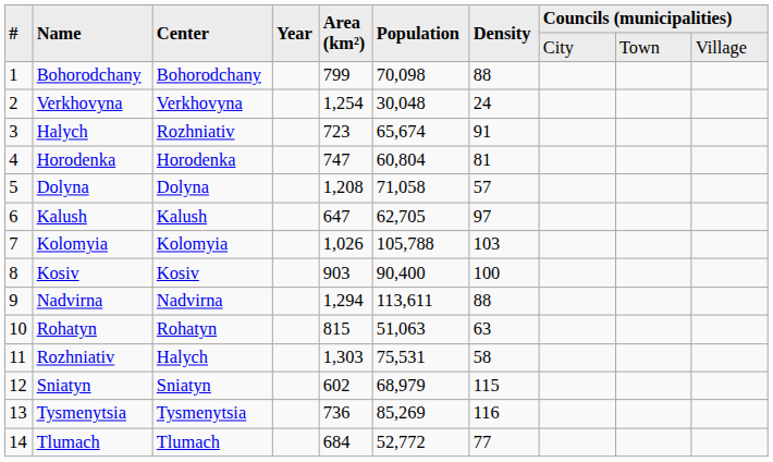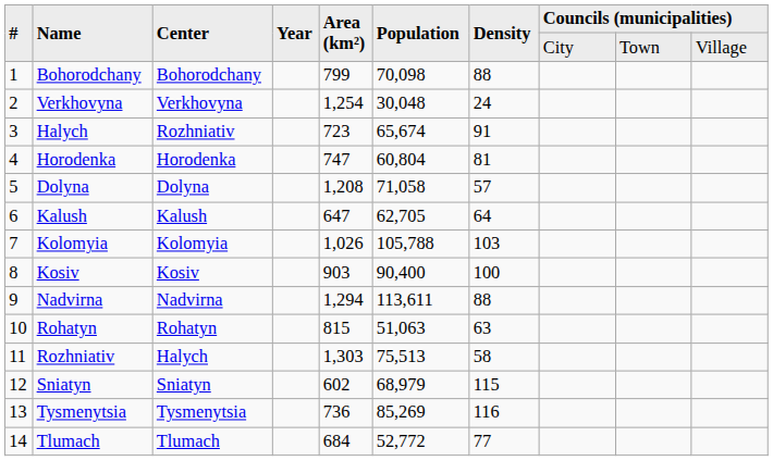 <table class="wikitable">
 <tr bgcolor="#ECECEC">
 <td rowspan=2><strong>#</strong></td>
 <td rowspan=2><strong>Name</strong></td>
 <td rowspan=2><strong>Center</strong></td>
 <td rowspan=2><strong>Year</strong></td>
 <td rowspan=2><strong>Area<br>(km²)</strong></td>
 <td rowspan=2><strong>Population</strong></td>
 <td rowspan=2><strong>Density</strong></td>
 <td colspan=3><strong>Councils (municipalities)</strong></td>
 </tr>
 <tr bgcolor="#ECECEC">
 <td width=10%>City</td>
 <td width=10%>Town</td>
 <td width=10%>Village</td>
 </tr>
 <tr>
 <td>1</td>
 <td><a href='#'>Bohorodchany</a></td>
 <td><a href='#'>Bohorodchany</a></td>
 <td></td>
 <td>799</td>
 <td>70,098</td>
 <td>88</td>
 <td></td>
 <td></td>
 <td></td>
 </tr>
 <tr>
 <td>2</td>
 <td><a href='#'>Verkhovyna</a></td>
 <td><a href='#'>Verkhovyna</a></td>
 <td></td>
 <td>1,254</td>
 <td>30,048</td>
 <td>24</td>
 <td></td>
 <td></td>
 <td></td>
 </tr>
 <tr>
 <td>3</td>
 <td><a href='#'>Halych</a></td>
 <td><a href='#'>Rozhniativ</a></td>
 <td></td>
 <td>723</td>
 <td>65,674</td>
 <td>91</td>
 <td></td>
 <td></td>
 <td></td>
 </tr>
 <tr>
 <td>4</td>
 <td><a href='#'>Horodenka</a></td>
 <td><a href='#'>Horodenka</a></td>
 <td></td>
 <td>747</td>
 <td>60,804</td>
 <td>81</td>
 <td></td>
 <td></td>
 <td></td>
 </tr>
 <tr>
 <td>5</td>
 <td><a href='#'>Dolyna</a></td>
 <td><a href='#'>Dolyna</a></td>
 <td></td>
 <td>1,208</td>
 <td>71,058</td>
 <td>57</td>
 <td></td>
 <td></td>
 <td></td>
 </tr>
 <tr>
 <td>6</td>
 <td><a href='#'>Kalush</a></td>
 <td><a href='#'>Kalush</a></td>
 <td></td>
 <td>647</td>
 <td>62,705</td>
-<td>97</td>
+<td>64</td>
 <td></td>
 <td></td>
 <td></td>
 </tr>
 <tr>
 <td>7</td>
 <td><a href='#'>Kolomyia</a></td>
 <td><a href='#'>Kolomyia</a></td>
 <td></td>
 <td>1,026</td>
 <td>105,788</td>
 <td>103</td>
 <td></td>
 <td></td>
 <td></td>
 </tr>
 <tr>
 <td>8</td>
 <td><a href='#'>Kosiv</a></td>
 <td><a href='#'>Kosiv</a></td>
 <td></td>
 <td>903</td>
 <td>90,400</td>
 <td>100</td>
 <td></td>
 <td></td>
 <td></td>
 </tr>
 <tr>
 <td>9</td>
 <td><a href='#'>Nadvirna</a></td>
 <td><a href='#'>Nadvirna</a></td>
 <td></td>
 <td>1,294</td>
 <td>113,611</td>
 <td>88</td>
 <td></td>
 <td></td>
 <td></td>
 </tr>
 <tr>
 <td>10</td>
 <td><a href='#'>Rohatyn</a></td>
 <td><a href='#'>Rohatyn</a></td>
 <td></td>
 <td>815</td>
 <td>51,063</td>
 <td>63</td>
 <td></td>
 <td></td>
 <td></td>
 </tr>
 <tr>
 <td>11</td>
 <td><a href='#'>Rozhniativ</a></td>
 <td><a href='#'>Halych</a></td>
 <td></td>
 <td>1,303</td>
-<td>75,531</td>
+<td>75,513</td>
 <td>58</td>
 <td></td>
 <td></td>
 <td></td>
 </tr>
 <tr>
 <td>12</td>
 <td><a href='#'>Sniatyn</a></td>
 <td><a href='#'>Sniatyn</a></td>
 <td></td>
 <td>602</td>
 <td>68,979</td>
 <td>115</td>
 <td></td>
 <td></td>
 <td></td>
 </tr>
 <tr>
 <td>13</td>
 <td><a href='#'>Tysmenytsia</a></td>
 <td><a href='#'>Tysmenytsia</a></td>
 <td></td>
 <td>736</td>
 <td>85,269</td>
 <td>116</td>
 <td></td>
 <td></td>
 <td></td>
 </tr>
 <tr>
 <td>14</td>
 <td><a href='#'>Tlumach</a></td>
 <td><a href='#'>Tlumach</a></td>
 <td></td>
 <td>684</td>
 <td>52,772</td>
 <td>77</td>
 <td></td>
 <td></td>
 <td></td>
 </tr>
 </table>
